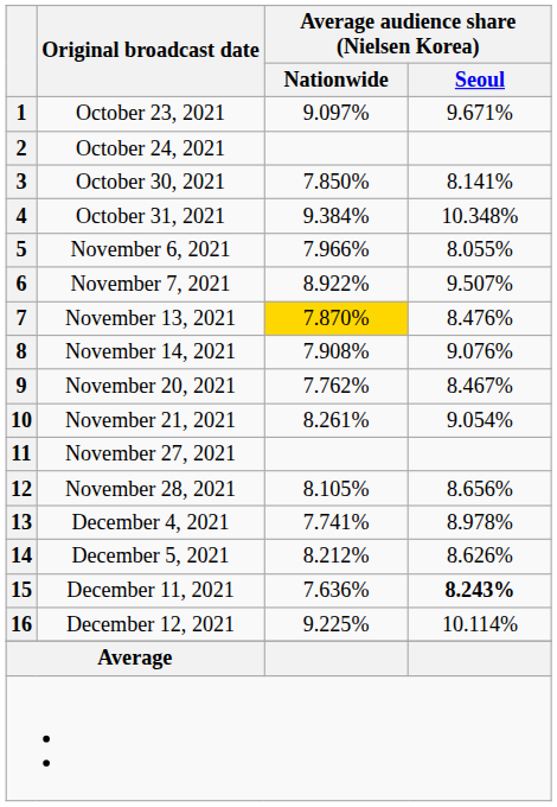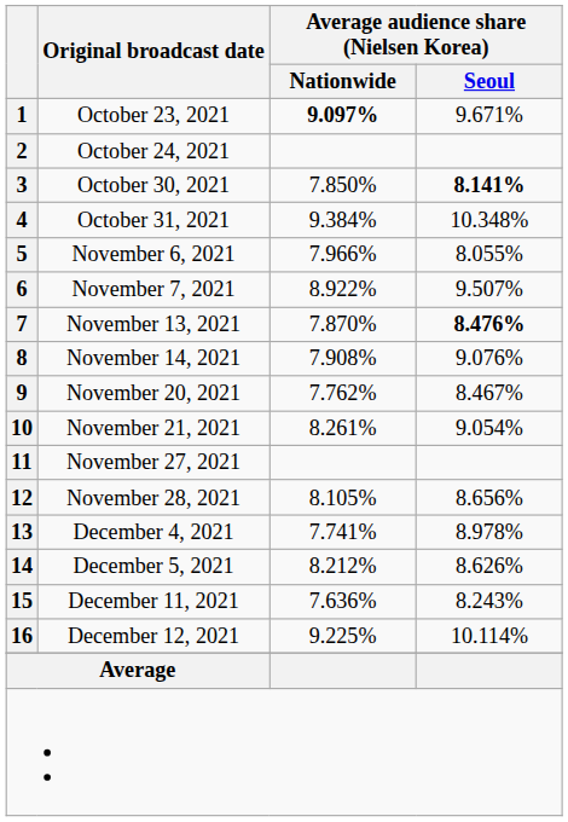 <table class="wikitable" style="text-align:center; max-width:500px; margin-left: auto; margin-right: auto; border: none;">
 <tr>
 </tr>
 <tr>
 <th rowspan="2"></th>
 <th rowspan="2">Original broadcast date</th>
 <th colspan="2">Average audience share<br>(Nielsen Korea)</th>
 </tr>
 <tr>
 <th width="100">Nationwide</th>
 <th width="100"><a href='#'>Seoul</a></th>
 </tr>
 <tr>
 <th>1</th>
 <td>October 23, 2021</td>
-<td>9.097% </td>
+<td><strong>9.097% </strong></td>
 <td>9.671% </td>
 </tr>
 <tr>
 <th>2</th>
 <td>October 24, 2021</td>
 <td><strong></strong>  </td>
 <td><strong></strong> </td>
 </tr>
 <tr>
 <th>3</th>
 <td>October 30, 2021</td>
 <td>7.850% </td>
-<td>8.141% </td>
+<td><strong>8.141% </strong></td>
 </tr>
 <tr>
 <th>4</th>
 <td>October 31, 2021</td>
 <td>9.384% </td>
 <td>10.348% </td>
 </tr>
 <tr>
 <th>5</th>
 <td>November 6, 2021</td>
 <td>7.966% </td>
 <td>8.055% </td>
 </tr>
 <tr>
 <th>6</th>
 <td>November 7, 2021</td>
 <td>8.922% </td>
 <td>9.507% </td>
 </tr>
 <tr>
 <th>7</th>
 <td>November 13, 2021</td>
-<td style="background: gold;">7.870% </td>
-<td>8.476% </td>
+<td>7.870% </td>
+<td><strong>8.476% </strong></td>
 </tr>
 <tr>
 <th>8</th>
 <td>November 14, 2021</td>
 <td>7.908% </td>
 <td>9.076% </td>
 </tr>
 <tr>
 <th>9</th>
 <td>November 20, 2021</td>
 <td>7.762% </td>
 <td>8.467% </td>
 </tr>
 <tr>
 <th>10</th>
 <td>November 21, 2021</td>
 <td>8.261% </td>
 <td>9.054% </td>
 </tr>
 <tr>
 <th>11</th>
 <td>November 27, 2021</td>
 <td><strong></strong> </td>
 <td><strong></strong> </td>
 </tr>
 <tr>
 <th>12</th>
 <td>November 28, 2021</td>
 <td>8.105% </td>
 <td>8.656% </td>
 </tr>
 <tr>
 <th>13</th>
 <td>December 4, 2021</td>
 <td>7.741% </td>
 <td>8.978% </td>
 </tr>
 <tr>
 <th>14</th>
 <td>December 5, 2021</td>
 <td>8.212% </td>
 <td>8.626% </td>
 </tr>
 <tr>
 <th>15</th>
 <td>December 11, 2021</td>
 <td>7.636% </td>
-<td><strong>8.243% </strong></td>
+<td>8.243% </td>
 </tr>
 <tr>
 <th>16</th>
 <td>December 12, 2021</td>
 <td>9.225% </td>
 <td>10.114% </td>
 </tr>
 <tr>
 </tr>
 <tr>
 <th colspan="2">Average</th>
 <th></th>
 <th></th>
 </tr>
 <tr>
 <td colspan="4"><br><ul><li></li><li></li></ul></td>
 </tr>
 </table>
